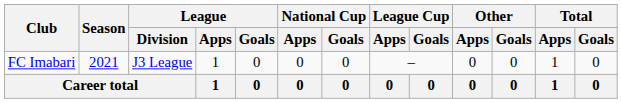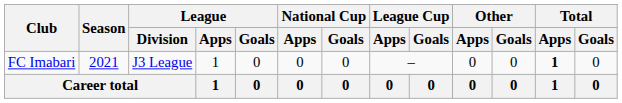 <table class="wikitable" style="text-align: center">
 <tr>
 <th rowspan="2">Club</th>
 <th rowspan="2">Season</th>
 <th colspan="3">League</th>
 <th colspan="2">National Cup</th>
 <th colspan="2">League Cup</th>
 <th colspan="2">Other</th>
 <th colspan="2">Total</th>
 </tr>
 <tr>
 <th>Division</th>
 <th>Apps</th>
 <th>Goals</th>
 <th>Apps</th>
 <th>Goals</th>
 <th>Apps</th>
 <th>Goals</th>
 <th>Apps</th>
 <th>Goals</th>
 <th>Apps</th>
 <th>Goals</th>
 </tr>
 <tr>
 <td><a href='#'>FC Imabari</a></td>
 <td><a href='#'>2021</a></td>
 <td><a href='#'>J3 League</a></td>
 <td>1</td>
 <td>0</td>
 <td>0</td>
 <td>0</td>
 <td colspan="2">–</td>
 <td>0</td>
 <td>0</td>
-<td>1</td>
+<td><strong>1</strong></td>
 <td>0</td>
 </tr>
 <tr>
 <th colspan=3>Career total</th>
 <th>1</th>
 <th>0</th>
 <th>0</th>
 <th>0</th>
 <th>0</th>
 <th>0</th>
 <th>0</th>
 <th>0</th>
 <th>1</th>
 <th>0</th>
 </tr>
 </table>
